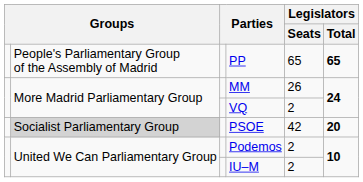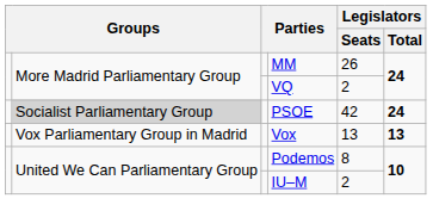 <table class="wikitable" style="text-align:left;">
 <tr>
 <th rowspan="2" colspan="2">Groups</th>
 <th rowspan="2" colspan="2">Parties</th>
 <th colspan="2">Legislators</th>
 </tr>
 <tr>
 <th>Seats</th>
 <th>Total</th>
-</tr>
-<tr>
-<td width="1" style="color:inherit;background:"></td>
-<td>People's Parliamentary Group<br>of the Assembly of Madrid</td>
-<td width="1" style="color:inherit;background:"></td>
-<td><a href='#'>PP</a></td>
-<td>65</td>
-<td><strong>65</strong></td>
 </tr>
 <tr>
 <td rowspan="2" style="color:inherit;background:"></td>
 <td rowspan="2">More Madrid Parliamentary Group</td>
 <td style="color:inherit;background:"></td>
 <td><a href='#'>MM</a></td>
 <td>26</td>
 <td rowspan="2"><strong>24</strong></td>
 </tr>
 <tr>
 <td style="color:inherit;background:"></td>
 <td><a href='#'>VQ</a></td>
 <td>2</td>
 </tr>
 <tr>
 <td style="color:inherit;background:"></td>
 <td style="background: lightgrey;">Socialist Parliamentary Group</td>
 <td style="color:inherit;background:"></td>
 <td><a href='#'>PSOE</a></td>
 <td>42</td>
-<td><strong>20</strong></td>
+<td><strong>24</strong></td>
+</tr>
+<tr>
+<td style="color:inherit;background:"></td>
+<td>Vox Parliamentary Group in Madrid</td>
+<td style="color:inherit;background:"></td>
+<td><a href='#'>Vox</a></td>
+<td>13</td>
+<td><strong>13</strong></td>
 </tr>
 <tr>
 <td rowspan="2" style="color:inherit;background:"></td>
 <td rowspan="2">United We Can Parliamentary Group</td>
 <td style="color:inherit;background:"></td>
 <td><a href='#'>Podemos</a></td>
-<td>2</td>
+<td>8</td>
 <td rowspan="2"><strong>10</strong></td>
 </tr>
 <tr>
 <td style="color:inherit;background:"></td>
 <td><a href='#'>IU–M</a></td>
 <td>2</td>
 </tr>
 </table>
